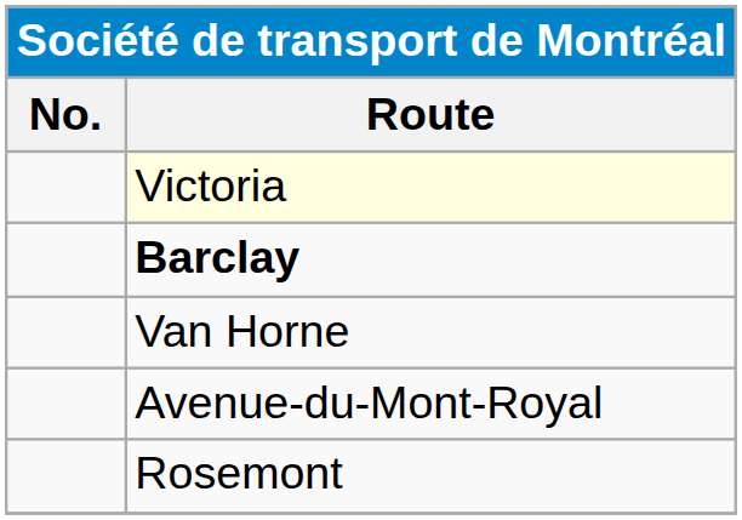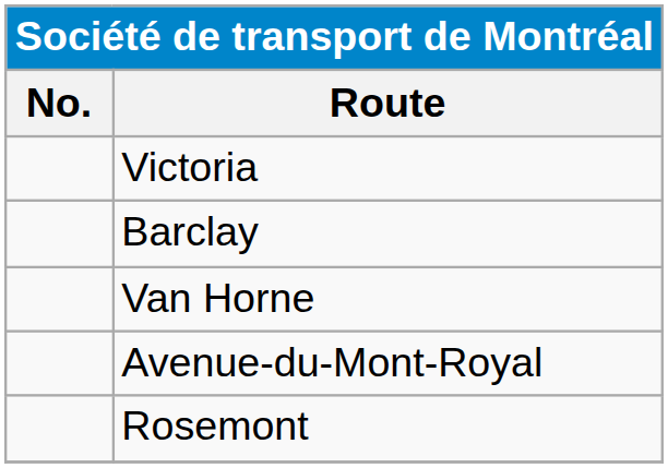 <table align=center class="wikitable">
 <tr>
 <th style="background: #0085CA; font-size:100%; color:#FFFFFF;"colspan="4">Société de transport de Montréal</th>
 </tr>
 <tr>
 <th>No.</th>
 <th>Route</th>
 </tr>
 <tr>
 <td></td>
-<td style="background: lightyellow;">Victoria</td>
+<td>Victoria</td>
 </tr>
 <tr>
 <td></td>
-<td><strong>Barclay</strong></td>
+<td>Barclay</td>
 </tr>
 <tr>
 <td {{Avoid wrap> </td>
 <td>Van Horne</td>
 </tr>
 <tr>
 <td {{Avoid wrap> </td>
 <td>Avenue-du-Mont-Royal</td>
 </tr>
 <tr>
 <td {{Avoid wrap> </td>
 <td>Rosemont</td>
 </tr>
 <tr>
 </tr>
 </table>
